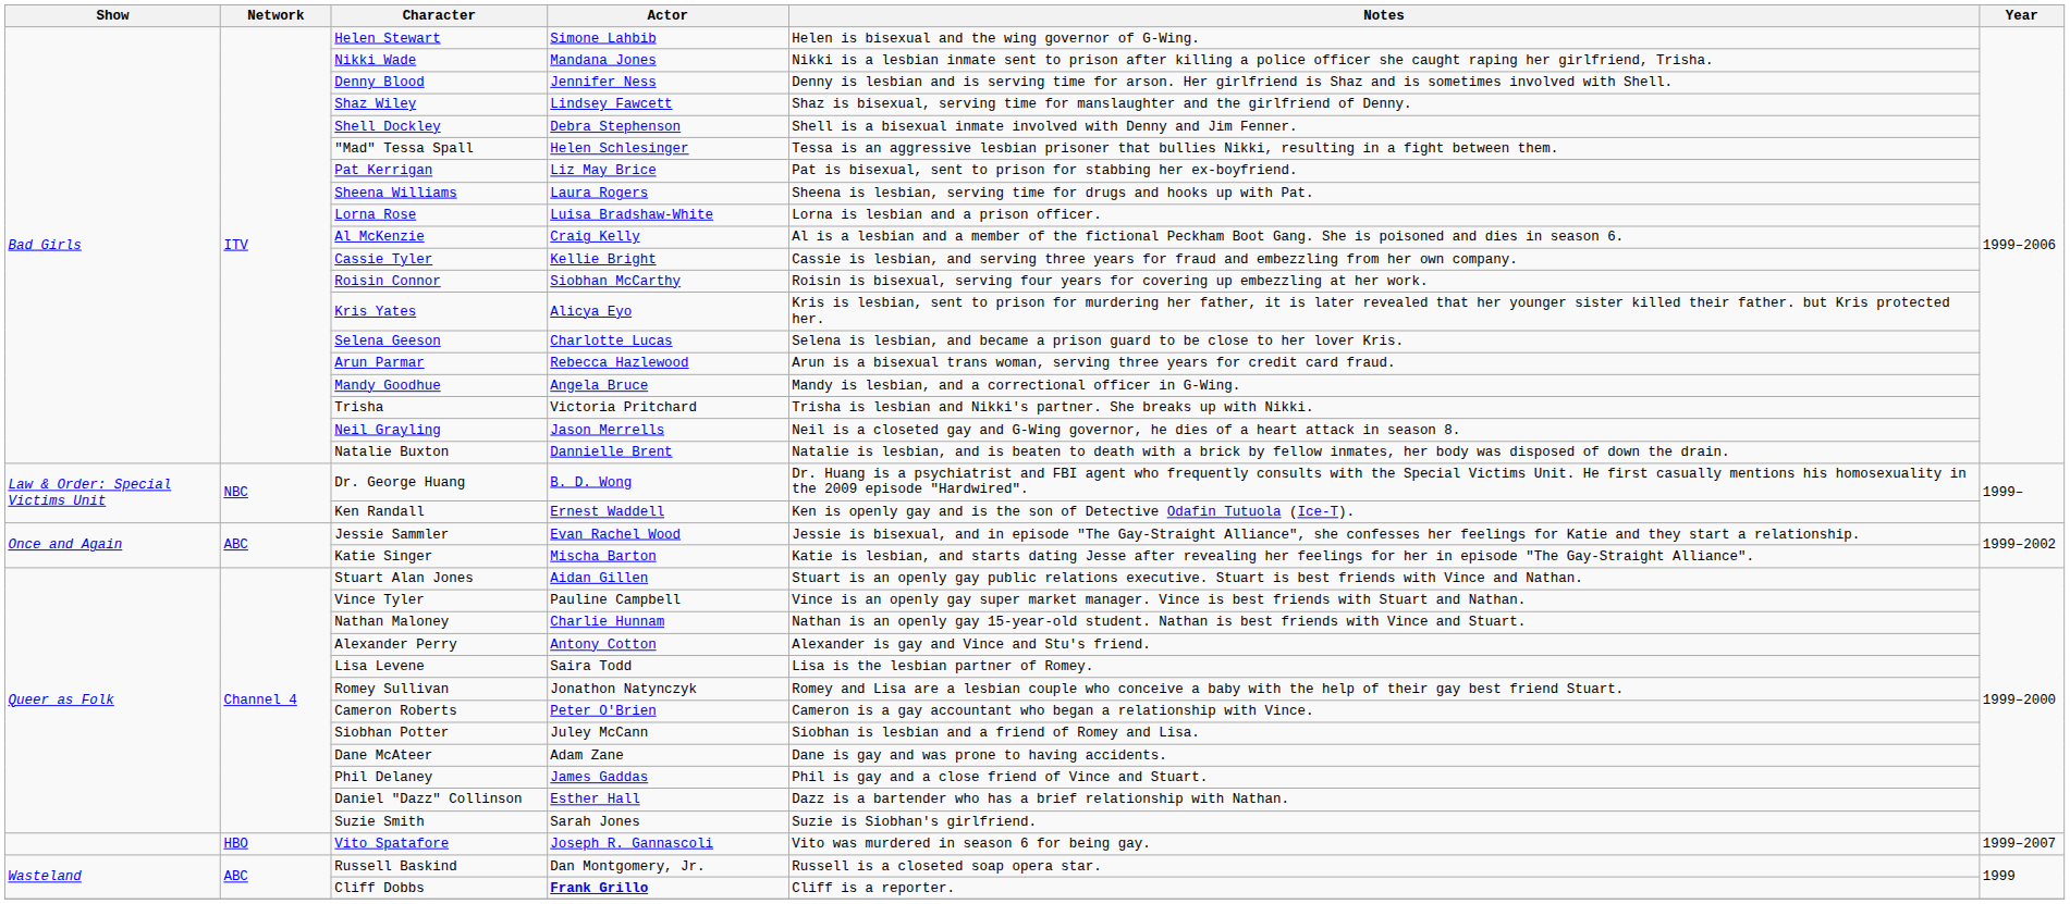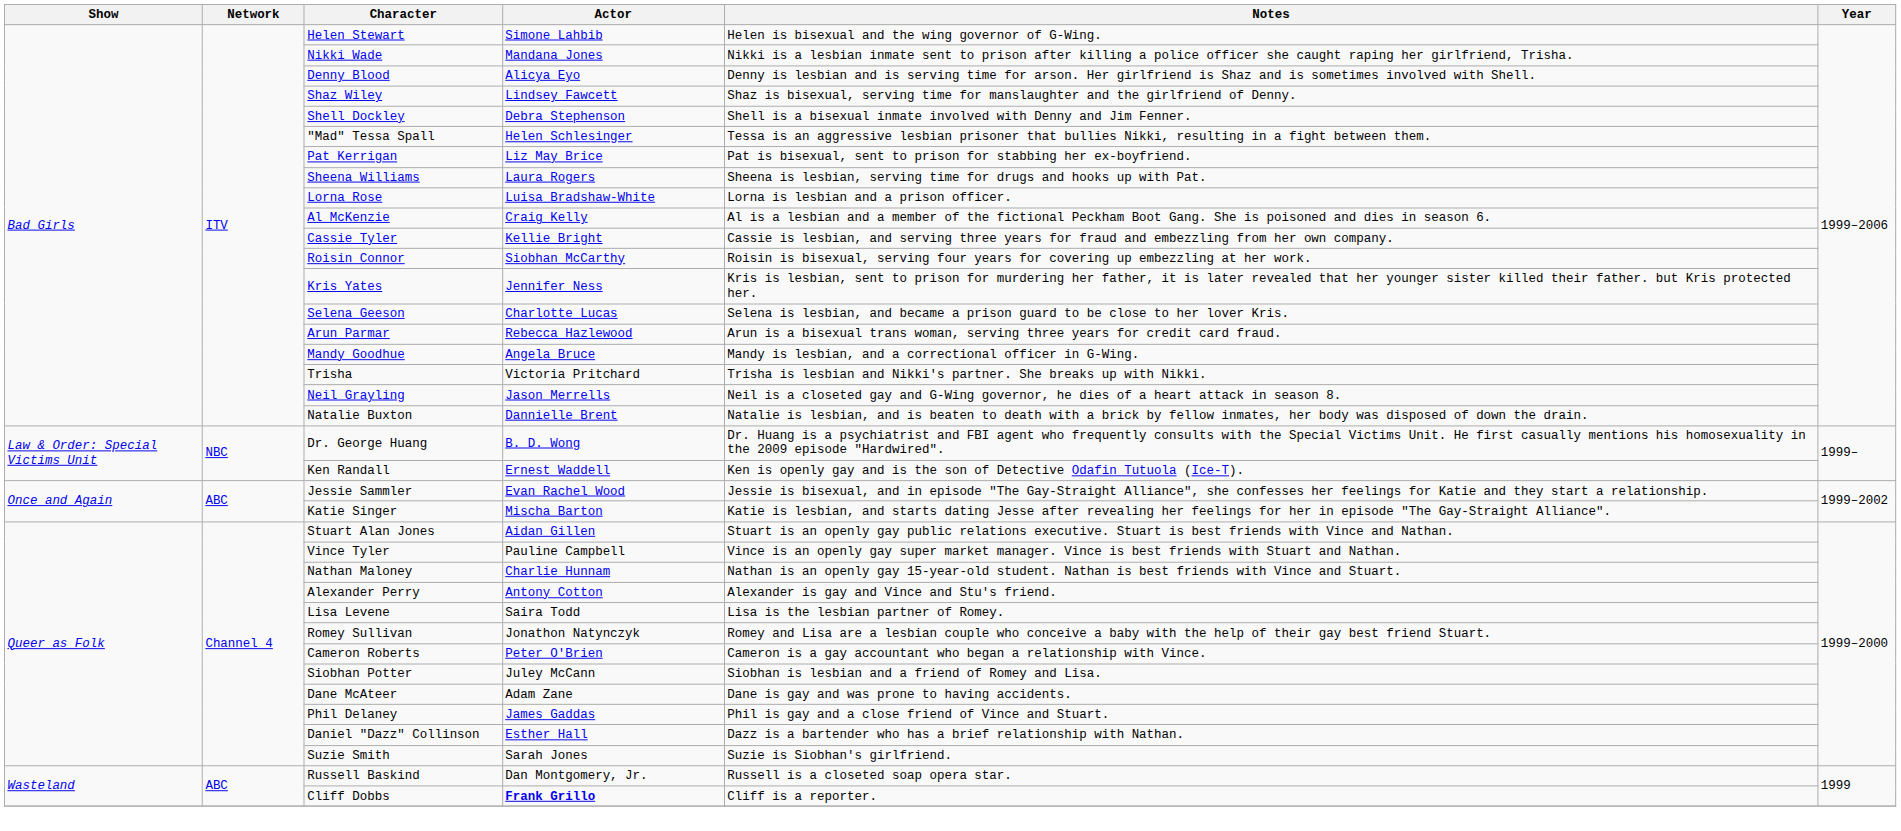 <table class="sortable wikitable" style="margins:auto; width=100%;">
 <tr>
 <th style="width:200px;">Show</th>
 <th style="width:100px;">Network</th>
 <th style="width:200px;">Character</th>
 <th style="width:225px;">Actor</th>
 <th>Notes</th>
 <th style="width:75px;">Year</th>
 </tr>
 <tr>
 <td rowspan="19"><em><a href='#'>Bad Girls</a></em></td>
 <td rowspan="19"><a href='#'>ITV</a></td>
 <td><a href='#'>Helen Stewart</a></td>
 <td><a href='#'>Simone Lahbib</a></td>
 <td>Helen is bisexual and the wing governor of G-Wing.</td>
 <td rowspan="19">1999–2006</td>
 </tr>
 <tr>
 <td><a href='#'>Nikki Wade</a></td>
 <td><a href='#'>Mandana Jones</a></td>
 <td>Nikki is a lesbian inmate sent to prison after killing a police officer she caught raping her girlfriend, Trisha.</td>
 </tr>
 <tr>
 <td><a href='#'>Denny Blood</a></td>
-<td><a href='#'>Jennifer Ness</a></td>
+<td><a href='#'>Alicya Eyo</a></td>
 <td>Denny is lesbian and is serving time for arson. Her girlfriend is Shaz and is sometimes involved with Shell.</td>
 </tr>
 <tr>
 <td><a href='#'>Shaz Wiley</a></td>
 <td><a href='#'>Lindsey Fawcett</a></td>
 <td>Shaz is bisexual, serving time for manslaughter and the girlfriend of Denny.</td>
 </tr>
 <tr>
 <td><a href='#'>Shell Dockley</a></td>
 <td><a href='#'>Debra Stephenson</a></td>
 <td>Shell is a bisexual inmate involved with Denny and Jim Fenner.</td>
 </tr>
 <tr>
 <td>"Mad" Tessa Spall</td>
 <td><a href='#'>Helen Schlesinger</a></td>
 <td>Tessa is an aggressive lesbian prisoner that bullies Nikki, resulting in a fight between them.</td>
 </tr>
 <tr>
 <td><a href='#'>Pat Kerrigan</a></td>
 <td><a href='#'>Liz May Brice</a></td>
 <td>Pat is bisexual, sent to prison for stabbing her ex-boyfriend.</td>
 </tr>
 <tr>
 <td><a href='#'>Sheena Williams</a></td>
 <td><a href='#'>Laura Rogers</a></td>
 <td>Sheena is lesbian, serving time for drugs and hooks up with Pat.</td>
 </tr>
 <tr>
 <td><a href='#'>Lorna Rose</a></td>
 <td><a href='#'>Luisa Bradshaw-White</a></td>
 <td>Lorna is lesbian and a prison officer.</td>
 </tr>
 <tr>
 <td><a href='#'>Al McKenzie</a></td>
 <td><a href='#'>Craig Kelly</a></td>
 <td>Al is a lesbian and a member of the fictional Peckham Boot Gang. She is poisoned and dies in season 6.</td>
 </tr>
 <tr>
 <td><a href='#'>Cassie Tyler</a></td>
 <td><a href='#'>Kellie Bright</a></td>
 <td>Cassie is lesbian, and serving three years for fraud and embezzling from her own company.</td>
 </tr>
 <tr>
 <td><a href='#'>Roisin Connor</a></td>
 <td><a href='#'>Siobhan McCarthy</a></td>
 <td>Roisin is bisexual, serving four years for covering up embezzling at her work.</td>
 </tr>
 <tr>
 <td><a href='#'>Kris Yates</a></td>
-<td><a href='#'>Alicya Eyo</a></td>
+<td><a href='#'>Jennifer Ness</a></td>
 <td>Kris is lesbian, sent to prison for murdering her father, it is later revealed that her younger sister killed their father. but Kris protected her.</td>
 </tr>
 <tr>
 <td><a href='#'>Selena Geeson</a></td>
 <td><a href='#'>Charlotte Lucas</a></td>
 <td>Selena is lesbian, and became a prison guard to be close to her lover Kris.</td>
 </tr>
 <tr>
 <td><a href='#'>Arun Parmar</a></td>
 <td><a href='#'>Rebecca Hazlewood</a></td>
 <td>Arun is a bisexual trans woman, serving three years for credit card fraud.</td>
 </tr>
 <tr>
 <td><a href='#'>Mandy Goodhue</a></td>
 <td><a href='#'>Angela Bruce</a></td>
 <td>Mandy is lesbian, and a correctional officer in G-Wing.</td>
 </tr>
 <tr>
 <td>Trisha</td>
 <td>Victoria Pritchard</td>
 <td>Trisha is lesbian and Nikki's partner. She breaks up with Nikki.</td>
 </tr>
 <tr>
 <td><a href='#'>Neil Grayling</a></td>
 <td><a href='#'>Jason Merrells</a></td>
 <td>Neil is a closeted gay and G-Wing governor, he dies of a heart attack in season 8.</td>
 </tr>
 <tr>
 <td>Natalie Buxton</td>
 <td><a href='#'>Dannielle Brent</a></td>
 <td>Natalie is lesbian, and is beaten to death with a brick by fellow inmates, her body was disposed of down the drain.</td>
 </tr>
 <tr>
 <td rowspan="2"><em><a href='#'>Law & Order: Special Victims Unit</a></em></td>
 <td rowspan="2"><a href='#'>NBC</a></td>
 <td>Dr. George Huang</td>
 <td><a href='#'>B. D. Wong</a></td>
 <td>Dr. Huang is a psychiatrist and FBI agent who frequently consults with the Special Victims Unit. He first casually mentions his homosexuality in the 2009 episode "Hardwired".</td>
 <td rowspan="2">1999–</td>
 </tr>
 <tr>
 <td>Ken Randall</td>
 <td><a href='#'>Ernest Waddell</a></td>
 <td>Ken is openly gay and is the son of Detective <a href='#'>Odafin Tutuola</a> (<a href='#'>Ice-T</a>).</td>
 </tr>
 <tr>
 <td rowspan="2"><em><a href='#'>Once and Again</a></em></td>
 <td rowspan="2"><a href='#'>ABC</a></td>
 <td>Jessie Sammler</td>
 <td><a href='#'>Evan Rachel Wood</a></td>
 <td>Jessie is bisexual, and in episode "The Gay-Straight Alliance", she confesses her feelings for Katie and they start a relationship.</td>
 <td rowspan="2">1999–2002</td>
 </tr>
 <tr>
 <td>Katie Singer</td>
 <td><a href='#'>Mischa Barton</a></td>
 <td>Katie is lesbian, and starts dating Jesse after revealing her feelings for her in episode "The Gay-Straight Alliance".</td>
 </tr>
 <tr>
 <td rowspan="12"><em><a href='#'>Queer as Folk</a></em></td>
 <td rowspan="12"><a href='#'>Channel 4</a></td>
 <td>Stuart Alan Jones</td>
 <td><a href='#'>Aidan Gillen</a></td>
 <td>Stuart is an openly gay public relations executive. Stuart is best friends with Vince and Nathan.</td>
 <td rowspan="12">1999–2000</td>
 </tr>
 <tr>
 <td>Vince Tyler</td>
 <td>Pauline Campbell</td>
 <td>Vince is an openly gay super market manager. Vince is best friends with Stuart and Nathan.</td>
 </tr>
 <tr>
 <td>Nathan Maloney</td>
 <td><a href='#'>Charlie Hunnam</a></td>
 <td>Nathan is an openly gay 15-year-old student. Nathan is best friends with Vince and Stuart.</td>
 </tr>
 <tr>
 <td>Alexander Perry</td>
 <td><a href='#'>Antony Cotton</a></td>
 <td>Alexander is gay and Vince and Stu's friend.</td>
 </tr>
 <tr>
 <td>Lisa Levene</td>
 <td>Saira Todd</td>
 <td>Lisa is the lesbian partner of Romey.</td>
 </tr>
 <tr>
 <td>Romey Sullivan</td>
 <td>Jonathon Natynczyk</td>
 <td>Romey and Lisa are a lesbian couple who conceive a baby with the help of their gay best friend Stuart.</td>
 </tr>
 <tr>
 <td>Cameron Roberts</td>
 <td><a href='#'>Peter O'Brien</a></td>
 <td>Cameron is a gay accountant who began a relationship with Vince.</td>
 </tr>
 <tr>
 <td>Siobhan Potter</td>
 <td>Juley McCann</td>
 <td>Siobhan is lesbian and a friend of Romey and Lisa.</td>
 </tr>
 <tr>
 <td>Dane McAteer</td>
 <td>Adam Zane</td>
 <td>Dane is gay and was prone to having accidents.</td>
 </tr>
 <tr>
 <td>Phil Delaney</td>
 <td><a href='#'>James Gaddas</a></td>
 <td>Phil is gay and a close friend of Vince and Stuart.</td>
 </tr>
 <tr>
 <td>Daniel "Dazz" Collinson</td>
 <td><a href='#'>Esther Hall</a></td>
 <td>Dazz is a bartender who has a brief relationship with Nathan.</td>
 </tr>
 <tr>
 <td>Suzie Smith</td>
 <td>Sarah Jones</td>
 <td>Suzie is Siobhan's girlfriend.</td>
 </tr>
 <tr>
-<td><em></em></td>
-<td><a href='#'>HBO</a></td>
-<td><a href='#'>Vito Spatafore</a></td>
-<td><a href='#'>Joseph R. Gannascoli</a></td>
-<td>Vito was murdered in season 6 for being gay.</td>
-<td>1999–2007</td>
-</tr>
-<tr>
 <td rowspan="2"><em><a href='#'>Wasteland</a></em></td>
 <td rowspan="2"><a href='#'>ABC</a></td>
 <td>Russell Baskind</td>
 <td>Dan Montgomery, Jr.</td>
 <td>Russell is a closeted soap opera star.</td>
 <td rowspan="2">1999</td>
 </tr>
 <tr>
 <td>Cliff Dobbs</td>
 <td><strong><a href='#'>Frank Grillo</a></strong></td>
 <td>Cliff is a reporter.</td>
 </tr>
 <tr>
 </tr>
 </table>
